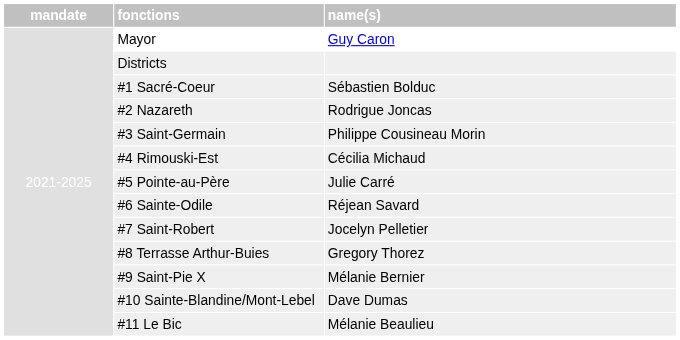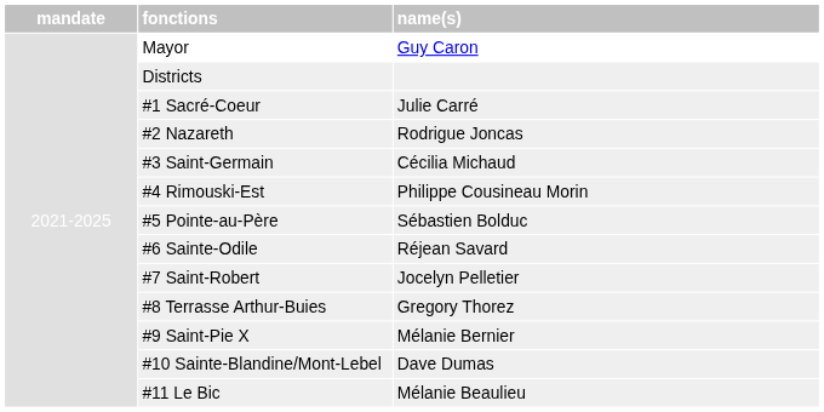 <table cellpadding="3" cellspacing="1">
 <tr style="font-size: 80%; text-align: left; background-color:silver">
 <th style="color: White; text-align: center" width="100px">mandate</th>
 <th style="color: White" width="200px">fonctions</th>
 <th style="color: White" width="350px">name(s)</th>
 </tr>
 <tr style="font-size: 80%; text-align: left;">
 <td rowspan="13" style="text-align: center; background-color:#E0E0E0; color:white;">2021-2025</td>
 <td>Mayor</td>
 <td><a href='#'>Guy Caron</a></td>
 </tr>
 <tr style="font-size: 80%; text-align: left; background-color:#EFEFEF">
 <td>Districts</td>
 <td></td>
 </tr>
 <tr style="font-size: 80%; text-align: left; background-color:#EFEFEF">
 <td>#1 Sacré-Coeur</td>
-<td>Sébastien Bolduc</td>
+<td>Julie Carré</td>
 </tr>
 <tr style="font-size: 80%; text-align: left; background-color:#EFEFEF">
 <td>#2 Nazareth</td>
 <td>Rodrigue Joncas</td>
 </tr>
 <tr style="font-size: 80%; text-align: left; background-color:#EFEFEF">
 <td>#3 Saint-Germain</td>
+<td>Cécilia Michaud</td>
+</tr>
+<tr style="font-size: 80%; text-align: left; background-color:#EFEFEF">
+<td>#4 Rimouski-Est</td>
 <td>Philippe Cousineau Morin</td>
 </tr>
 <tr style="font-size: 80%; text-align: left; background-color:#EFEFEF">
-<td>#4 Rimouski-Est</td>
-<td>Cécilia Michaud</td>
-</tr>
-<tr style="font-size: 80%; text-align: left; background-color:#EFEFEF">
 <td>#5 Pointe-au-Père</td>
-<td>Julie Carré</td>
+<td>Sébastien Bolduc</td>
 </tr>
 <tr style="font-size: 80%; text-align: left; background-color:#EFEFEF">
 <td>#6 Sainte-Odile</td>
 <td>Réjean Savard</td>
 </tr>
 <tr style="font-size: 80%; text-align: left; background-color:#EFEFEF">
 <td>#7 Saint-Robert</td>
 <td>Jocelyn Pelletier</td>
 </tr>
 <tr style="font-size: 80%; text-align: left; background-color:#EFEFEF">
 <td>#8 Terrasse Arthur-Buies</td>
 <td>Gregory Thorez</td>
 </tr>
 <tr style="font-size: 80%; text-align: left; background-color:#EFEFEF">
 <td>#9 Saint-Pie X</td>
 <td>Mélanie Bernier</td>
 </tr>
 <tr style="font-size: 80%; text-align: left; background-color:#EFEFEF">
 <td>#10 Sainte-Blandine/Mont-Lebel</td>
 <td>Dave Dumas</td>
 </tr>
 <tr style="font-size: 80%; text-align: left; background-color:#EFEFEF">
 <td>#11 Le Bic</td>
 <td>Mélanie Beaulieu</td>
 </tr>
 </table>
